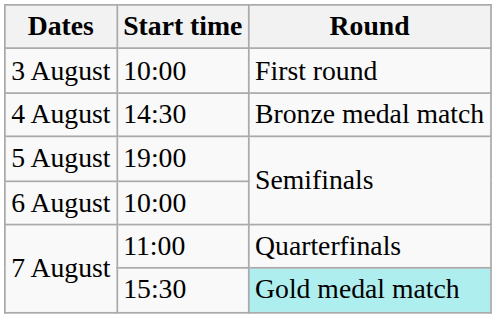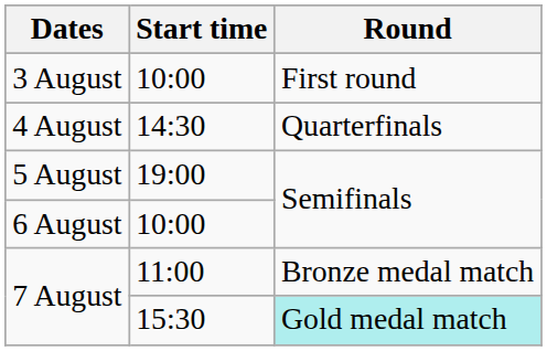 <table class="wikitable">
 <tr>
 <th>Dates</th>
 <th>Start time</th>
 <th>Round</th>
 </tr>
 <tr>
 <td>3 August</td>
 <td>10:00</td>
 <td>First round</td>
 </tr>
 <tr>
 <td>4 August</td>
 <td>14:30</td>
-<td>Bronze medal match</td>
+<td>Quarterfinals</td>
 </tr>
 <tr>
 <td>5 August</td>
 <td>19:00</td>
 <td rowspan=2>Semifinals</td>
 </tr>
 <tr>
 <td>6 August</td>
 <td>10:00</td>
 </tr>
 <tr>
 <td rowspan=2>7 August</td>
 <td>11:00</td>
-<td>Quarterfinals</td>
+<td>Bronze medal match</td>
 </tr>
 <tr>
 <td>15:30</td>
 <td style="background: paleturquoise;">Gold medal match</td>
 </tr>
 </table>
